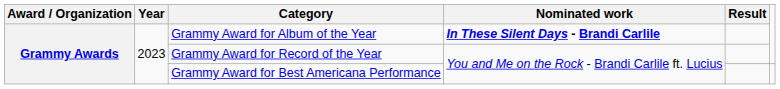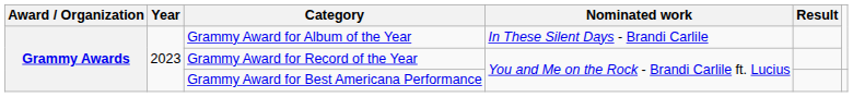 <table class="wikitable sortable plainrowheaders">
 <tr>
 <th scope="col">Award / Organization</th>
 <th scope="col">Year</th>
 <th scope="col">Category</th>
 <th scope="col">Nominated work</th>
 <th scope="col">Result</th>
 </tr>
 <tr>
 <th scope="row" rowspan="3"><a href='#'>Grammy Awards</a></th>
 <td rowspan=3>2023</td>
 <td><a href='#'>Grammy Award for Album of the Year</a></td>
-<td><strong><em><a href='#'>In These Silent Days</a></em> - <a href='#'>Brandi Carlile</a></strong></td>
+<td><em><a href='#'>In These Silent Days</a></em> - <a href='#'>Brandi Carlile</a></td>
 <td></td>
 </tr>
 <tr>
 <td><a href='#'>Grammy Award for Record of the Year</a></td>
 <td rowspan=2><em><a href='#'>You and Me on the Rock</a></em> - <a href='#'>Brandi Carlile</a> ft. <a href='#'>Lucius</a></td>
 <td></td>
 </tr>
 <tr>
 <td rowspan=1><a href='#'>Grammy Award for Best Americana Performance</a></td>
 <td></td>
 <td></td>
 </tr>
 </table>
